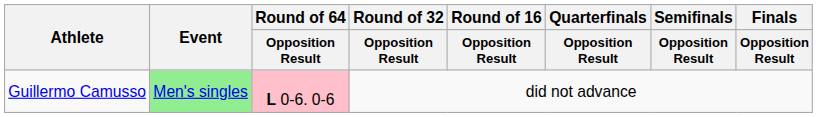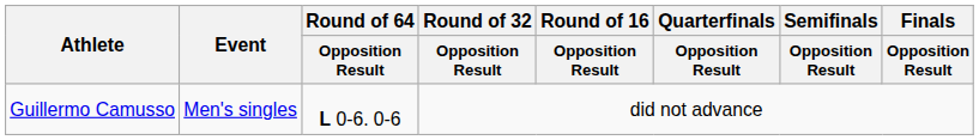 <table class=wikitable style="font-size:90%">
 <tr>
 <th rowspan="2">Athlete</th>
 <th rowspan="2">Event</th>
 <th>Round of 64</th>
 <th>Round of 32</th>
 <th>Round of 16</th>
 <th>Quarterfinals</th>
 <th>Semifinals</th>
 <th>Finals</th>
 </tr>
 <tr>
 <th style="line-height:1em"><small>Opposition<br>Result</small></th>
 <th style="line-height:1em"><small>Opposition<br>Result</small></th>
 <th style="line-height:1em"><small>Opposition<br>Result</small></th>
 <th style="line-height:1em"><small>Opposition<br>Result</small></th>
 <th style="line-height:1em"><small>Opposition<br>Result</small></th>
 <th style="line-height:1em"><small>Opposition<br>Result</small></th>
 </tr>
 <tr>
 <td><a href='#'>Guillermo Camusso</a></td>
-<td style="background: lightgreen;"><a href='#'>Men's singles</a></td>
-<td style="background: pink; text-align:center;"><br><strong>L</strong> 0-6. 0-6</td>
+<td><a href='#'>Men's singles</a></td>
+<td style="text-align:center;"><br><strong>L</strong> 0-6. 0-6</td>
 <td style="text-align:center;" colspan="5">did not advance</td>
 </tr>
 </table>
